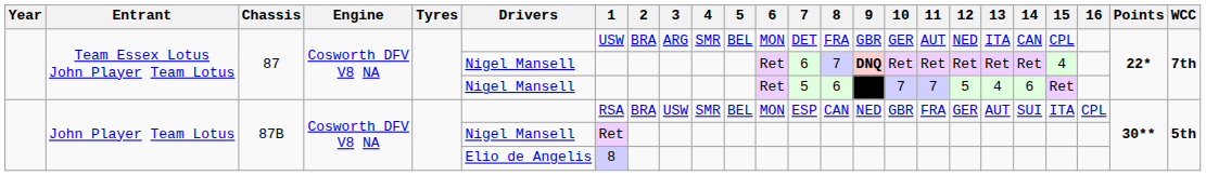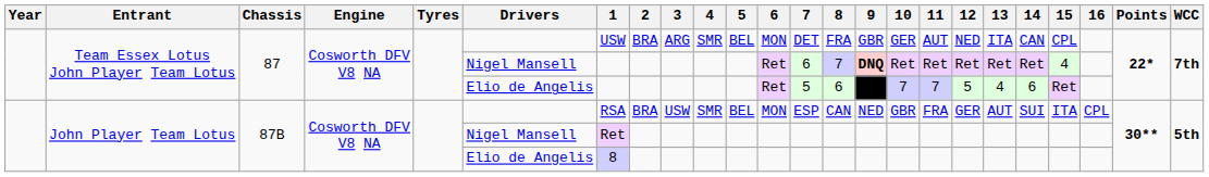 <table class="wikitable" border="1" style="text-align:center; font-size:90%">
 <tr>
 <th>Year</th>
 <th>Entrant</th>
 <th>Chassis</th>
 <th>Engine</th>
 <th>Tyres</th>
 <th>Drivers</th>
 <th>1</th>
 <th>2</th>
 <th>3</th>
 <th>4</th>
 <th>5</th>
 <th>6</th>
 <th>7</th>
 <th>8</th>
 <th>9</th>
 <th>10</th>
 <th>11</th>
 <th>12</th>
 <th>13</th>
 <th>14</th>
 <th>15</th>
 <th>16</th>
 <th>Points</th>
 <th>WCC</th>
 </tr>
 <tr>
 <td rowspan="3"></td>
 <td rowspan="3"><a href='#'>Team Essex Lotus</a><br><a href='#'>John Player</a> <a href='#'>Team Lotus</a></td>
 <td rowspan="3">87</td>
 <td rowspan="3"><a href='#'>Cosworth DFV</a><br><a href='#'>V8</a> <a href='#'>NA</a></td>
 <td rowspan="3"><br></td>
 <td></td>
 <td><a href='#'>USW</a></td>
 <td><a href='#'>BRA</a></td>
 <td><a href='#'>ARG</a></td>
 <td><a href='#'>SMR</a></td>
 <td><a href='#'>BEL</a></td>
 <td><a href='#'>MON</a></td>
 <td><a href='#'>DET</a></td>
 <td><a href='#'>FRA</a></td>
 <td><a href='#'>GBR</a></td>
 <td><a href='#'>GER</a></td>
 <td><a href='#'>AUT</a></td>
 <td><a href='#'>NED</a></td>
 <td><a href='#'>ITA</a></td>
 <td><a href='#'>CAN</a></td>
 <td><a href='#'>CPL</a></td>
 <td></td>
 <td rowspan="3"><strong>22*</strong></td>
 <td rowspan="3"><strong>7th</strong></td>
 </tr>
 <tr>
 <td align="left"><a href='#'>Nigel Mansell</a></td>
 <td></td>
 <td></td>
 <td></td>
 <td></td>
 <td></td>
 <td style="background:#EFCFFF;">Ret</td>
 <td style="background:#dfffdf;">6</td>
 <td style="background:#cfcfff;">7</td>
 <td style="background:#ffcfcf;"><strong>DNQ</strong></td>
 <td style="background:#EFCFFF;">Ret</td>
 <td style="background:#EFCFFF;">Ret</td>
 <td style="background:#EFCFFF;">Ret</td>
 <td style="background:#EFCFFF;">Ret</td>
 <td style="background:#EFCFFF;">Ret</td>
 <td style="background:#dfffdf;">4</td>
 <td></td>
 </tr>
 <tr>
-<td align="left"><a href='#'>Nigel Mansell</a></td>
+<td align="left"><a href='#'>Elio de Angelis</a></td>
 <td></td>
 <td></td>
 <td></td>
 <td></td>
 <td></td>
 <td style="background:#EFCFFF;">Ret</td>
 <td style="background:#DFFFDF;">5</td>
 <td style="background:#DFFFDF;">6</td>
 <td style="background:#000000;"><span>DSQ</span></td>
 <td style="background:#CFCFFF;">7</td>
 <td style="background:#CFCFFF;">7</td>
 <td style="background:#DFFFDF;">5</td>
 <td style="background:#DFFFDF;">4</td>
 <td style="background:#DFFFDF;">6</td>
 <td style="background:#EFCFFF;">Ret</td>
 <td></td>
 </tr>
 <tr>
 <td rowspan="3"></td>
 <td rowspan="3"><a href='#'>John Player</a> <a href='#'>Team Lotus</a></td>
 <td rowspan="3">87B</td>
 <td rowspan="3"><a href='#'>Cosworth DFV</a><br><a href='#'>V8</a> <a href='#'>NA</a></td>
 <td rowspan="3"></td>
 <td></td>
 <td><a href='#'>RSA</a></td>
 <td><a href='#'>BRA</a></td>
 <td><a href='#'>USW</a></td>
 <td><a href='#'>SMR</a></td>
 <td><a href='#'>BEL</a></td>
 <td><a href='#'>MON</a></td>
 <td><a href='#'>ESP</a></td>
 <td><a href='#'>CAN</a></td>
 <td><a href='#'>NED</a></td>
 <td><a href='#'>GBR</a></td>
 <td><a href='#'>FRA</a></td>
 <td><a href='#'>GER</a></td>
 <td><a href='#'>AUT</a></td>
 <td><a href='#'>SUI</a></td>
 <td><a href='#'>ITA</a></td>
 <td><a href='#'>CPL</a></td>
 <td rowspan="3"><strong>30**</strong></td>
 <td rowspan="3"><strong>5th</strong></td>
 </tr>
 <tr>
 <td align="left"><a href='#'>Nigel Mansell</a></td>
 <td style="background:#EFCFFF;">Ret</td>
 <td></td>
 <td></td>
 <td></td>
 <td></td>
 <td></td>
 <td></td>
 <td></td>
 <td></td>
 <td></td>
 <td></td>
 <td></td>
 <td></td>
 <td></td>
 <td></td>
 <td></td>
 </tr>
 <tr>
 <td align="left"><a href='#'>Elio de Angelis</a></td>
 <td style="background:#CFCFFF;">8</td>
 <td></td>
 <td></td>
 <td></td>
 <td></td>
 <td></td>
 <td></td>
 <td></td>
 <td></td>
 <td></td>
 <td></td>
 <td></td>
 <td></td>
 <td></td>
 <td></td>
 <td></td>
 </tr>
 </table>
